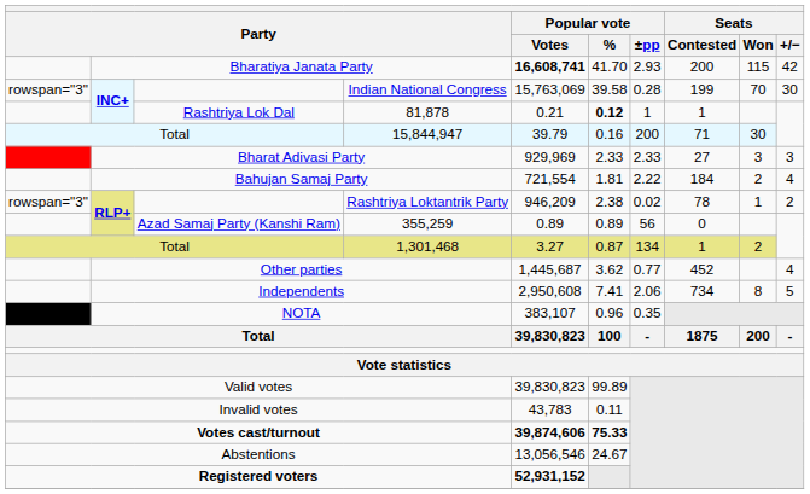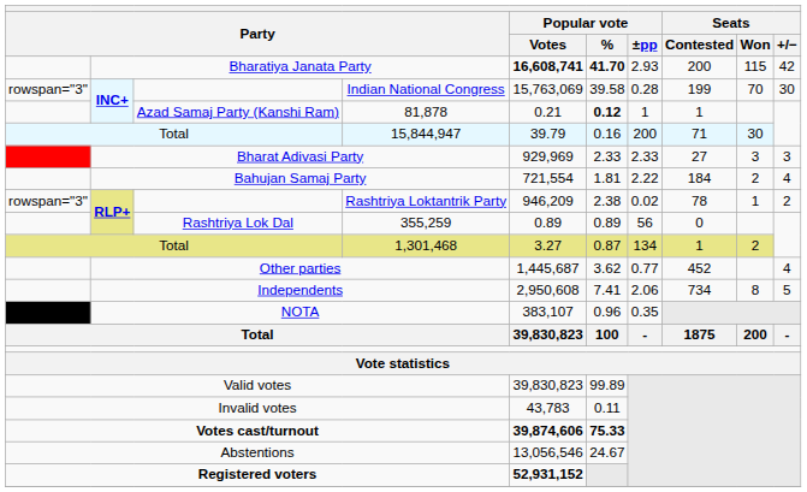 <table class="wikitable sortable" style="text-align:center;">
 <tr>
 <th colspan="10"></th>
 </tr>
 <tr>
 <th colspan="4" rowspan="2">Party</th>
 <th colspan="3">Popular vote</th>
 <th colspan="3">Seats</th>
 </tr>
 <tr>
 <th>Votes</th>
 <th>%</th>
 <th>±<a href='#'>pp</a></th>
 <th>Contested</th>
 <th>Won</th>
 <th><strong>+/−</strong></th>
 </tr>
 <tr>
 <td></td>
 <td colspan="3"><a href='#'>Bharatiya Janata Party</a></td>
 <td><strong>16,608,741</strong></td>
-<td>41.70</td>
+<td><strong>41.70</strong></td>
 <td> 2.93</td>
 <td>200</td>
 <td>115</td>
 <td> 42</td>
 </tr>
 <tr>
 <td>rowspan="3" </td>
 <th rowspan="2"style="background:#E5F8FF"><a href='#'>INC+</a></th>
 <td></td>
 <td><a href='#'>Indian National Congress</a></td>
 <td>15,763,069</td>
 <td>39.58</td>
 <td>0.28</td>
 <td>199</td>
 <td>70</td>
 <td> 30</td>
 </tr>
 <tr>
 <td></td>
-<td><a href='#'>Rashtriya Lok Dal</a></td>
+<td><a href='#'>Azad Samaj Party (Kanshi Ram)</a></td>
 <td>81,878</td>
 <td>0.21</td>
 <td><strong>0.12</strong></td>
 <td>1</td>
 <td>1</td>
 <td></td>
 </tr>
 <tr>
 <td colspan="3"style="background:#E5F8FF">Total</td>
 <td style="background:#E5F8FF">15,844,947</td>
 <td style="background:#E5F8FF">39.79</td>
 <td style="background:#E5F8FF">0.16</td>
 <td style="background:#E5F8FF">200</td>
 <td style="background:#E5F8FF">71</td>
 <td style="background:#E5F8FF"> 30</td>
 </tr>
 <tr>
 <td bgcolor=#FF0000></td>
 <td colspan="3"><a href='#'>Bharat Adivasi Party</a></td>
 <td>929,969</td>
 <td>2.33</td>
 <td>2.33</td>
 <td>27</td>
 <td>3</td>
 <td> 3</td>
 </tr>
 <tr>
 <td></td>
 <td colspan="3"><a href='#'>Bahujan Samaj Party</a></td>
 <td>721,554</td>
 <td>1.81</td>
 <td>2.22</td>
 <td>184</td>
 <td>2</td>
 <td> 4</td>
 </tr>
 <tr>
 <td>rowspan="3" </td>
 <th rowspan="2"style="background:#E8E688"><a href='#'>RLP+</a></th>
 <td></td>
 <td><a href='#'>Rashtriya Loktantrik Party</a></td>
 <td>946,209</td>
 <td>2.38</td>
 <td>0.02</td>
 <td>78</td>
 <td>1</td>
 <td> 2</td>
 </tr>
 <tr>
 <td></td>
-<td><a href='#'>Azad Samaj Party (Kanshi Ram)</a></td>
+<td><a href='#'>Rashtriya Lok Dal</a></td>
 <td>355,259</td>
 <td>0.89</td>
 <td>0.89</td>
 <td>56</td>
 <td>0</td>
 <td></td>
 </tr>
 <tr>
 <td colspan="3"style="background:#E8E688">Total</td>
 <td style="background:#E8E688">1,301,468</td>
 <td style="background:#E8E688">3.27</td>
 <td style="background:#E8E688">0.87</td>
 <td style="background:#E8E688">134</td>
 <td style="background:#E8E688">1</td>
 <td style="background:#E8E688"> 2</td>
 </tr>
 <tr>
 <td></td>
 <td colspan="3"><a href='#'>Other parties</a></td>
 <td>1,445,687</td>
 <td>3.62</td>
 <td> 0.77</td>
 <td>452</td>
 <td></td>
 <td> 4</td>
 </tr>
 <tr>
 <td></td>
 <td colspan="3"><a href='#'>Independents</a></td>
 <td>2,950,608</td>
 <td>7.41</td>
 <td> 2.06</td>
 <td>734</td>
 <td>8</td>
 <td> 5</td>
 </tr>
 <tr>
 <td bgcolor="Black"></td>
 <td colspan="3"><a href='#'>NOTA</a></td>
 <td>383,107</td>
 <td>0.96</td>
 <td>0.35</td>
 <th colspan="3" style="background-color:#E9E9E9"></th>
 </tr>
 <tr>
 <th colspan="4">Total</th>
 <th>39,830,823</th>
 <th>100</th>
 <th>-</th>
 <th>1875</th>
 <th>200</th>
 <th>-</th>
 </tr>
 <tr>
 <td colspan="10"></td>
 </tr>
 <tr>
 <th colspan="10">Vote statistics</th>
 </tr>
 <tr>
 <td colspan="4">Valid votes</td>
 <td>39,830,823</td>
 <td>99.89</td>
 <th colspan="4" rowspan="5" style="background-color:#E9E9E9"></th>
 </tr>
 <tr>
 <td colspan="4">Invalid votes</td>
 <td>43,783</td>
 <td>0.11</td>
 </tr>
 <tr>
 <td colspan="4"><strong>Votes cast/turnout</strong></td>
 <td><strong>39,874,606</strong></td>
 <td><strong>75.33</strong></td>
 </tr>
 <tr>
 <td colspan="4">Abstentions</td>
 <td>13,056,546</td>
 <td>24.67</td>
 </tr>
 <tr>
 <td colspan="4"><strong>Registered voters</strong></td>
 <td><strong>52,931,152</strong></td>
 <td style="background-color:#E9E9E9"></td>
 </tr>
 <tr>
 </tr>
 </table>
